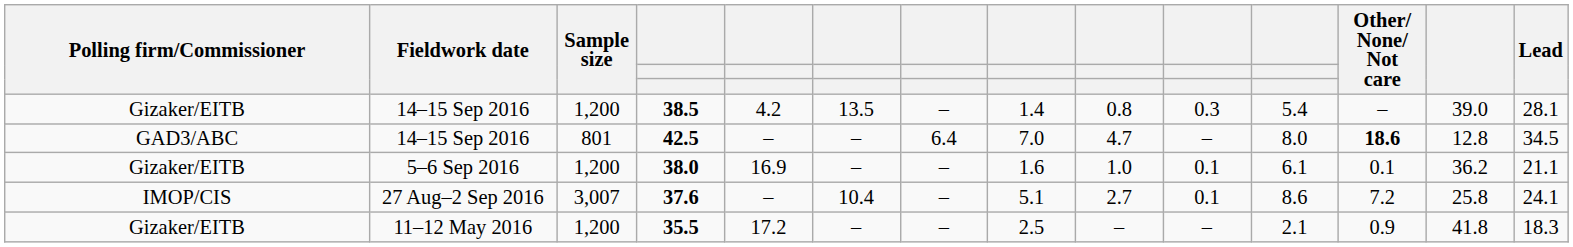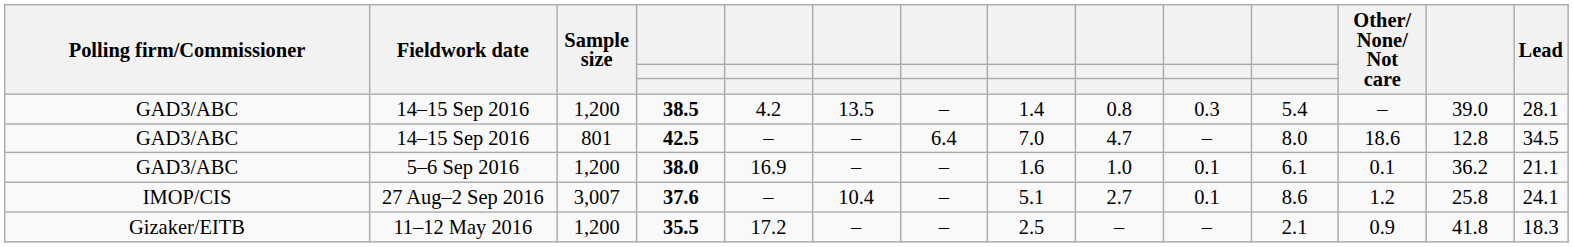 <table class="wikitable collapsible collapsed" style="text-align:center; font-size:90%; line-height:14px;">
 <tr style="height:42px;">
 <th style="width:250px;" rowspan="3">Polling firm/Commissioner</th>
 <th style="width:125px;" rowspan="3">Fieldwork date</th>
 <th style="width:50px;" rowspan="3">Sample size</th>
 <th style="width:55px;"></th>
 <th style="width:55px;"></th>
 <th style="width:55px;"></th>
 <th style="width:55px;"></th>
 <th style="width:55px;"></th>
 <th style="width:55px;"></th>
 <th style="width:55px;"></th>
 <th style="width:55px;"></th>
 <th style="width:55px;" rowspan="3">Other/<br>None/<br>Not<br>care</th>
 <th style="width:55px;" rowspan="3"></th>
 <th style="width:30px;" rowspan="3">Lead</th>
 </tr>
 <tr>
 <th style="color:inherit;background:"></th>
 <th style="color:inherit;background:"></th>
 <th style="color:inherit;background:"></th>
 <th style="color:inherit;background:"></th>
 <th style="color:inherit;background:"></th>
 <th style="color:inherit;background:"></th>
 <th style="color:inherit;background:"></th>
 <th style="color:inherit;background:"></th>
 </tr>
 <tr>
 <th></th>
 <th></th>
 <th></th>
 <th></th>
 <th></th>
 <th></th>
 <th></th>
 <th></th>
 </tr>
 <tr>
-<td>Gizaker/EITB</td>
+<td>GAD3/ABC</td>
 <td>14–15 Sep 2016</td>
 <td>1,200</td>
 <td><strong>38.5</strong></td>
 <td>4.2</td>
 <td>13.5</td>
 <td>–</td>
 <td>1.4</td>
 <td>0.8</td>
 <td>0.3</td>
 <td>5.4</td>
 <td>–</td>
 <td>39.0</td>
 <td style="background:">28.1</td>
 </tr>
 <tr>
 <td>GAD3/ABC</td>
 <td>14–15 Sep 2016</td>
 <td>801</td>
 <td><strong>42.5</strong></td>
 <td>–</td>
 <td>–</td>
 <td>6.4</td>
 <td>7.0</td>
 <td>4.7</td>
 <td>–</td>
 <td>8.0</td>
-<td><strong>18.6</strong></td>
+<td>18.6</td>
 <td>12.8</td>
 <td style="background:">34.5</td>
 </tr>
 <tr>
-<td>Gizaker/EITB</td>
+<td>GAD3/ABC</td>
 <td>5–6 Sep 2016</td>
 <td>1,200</td>
 <td><strong>38.0</strong></td>
 <td>16.9</td>
 <td>–</td>
 <td>–</td>
 <td>1.6</td>
 <td>1.0</td>
 <td>0.1</td>
 <td>6.1</td>
 <td>0.1</td>
 <td>36.2</td>
 <td style="background:">21.1</td>
 </tr>
 <tr>
 <td>IMOP/CIS</td>
 <td>27 Aug–2 Sep 2016</td>
 <td>3,007</td>
 <td><strong>37.6</strong></td>
 <td>–</td>
 <td>10.4</td>
 <td>–</td>
 <td>5.1</td>
 <td>2.7</td>
 <td>0.1</td>
 <td>8.6</td>
-<td>7.2</td>
+<td>1.2</td>
 <td>25.8</td>
 <td style="background:">24.1</td>
 </tr>
 <tr>
 <td>Gizaker/EITB</td>
 <td>11–12 May 2016</td>
 <td>1,200</td>
 <td><strong>35.5</strong></td>
 <td>17.2</td>
 <td>–</td>
 <td>–</td>
 <td>2.5</td>
 <td>–</td>
 <td>–</td>
 <td>2.1</td>
 <td>0.9</td>
 <td>41.8</td>
 <td style="background:">18.3</td>
 </tr>
 </table>
